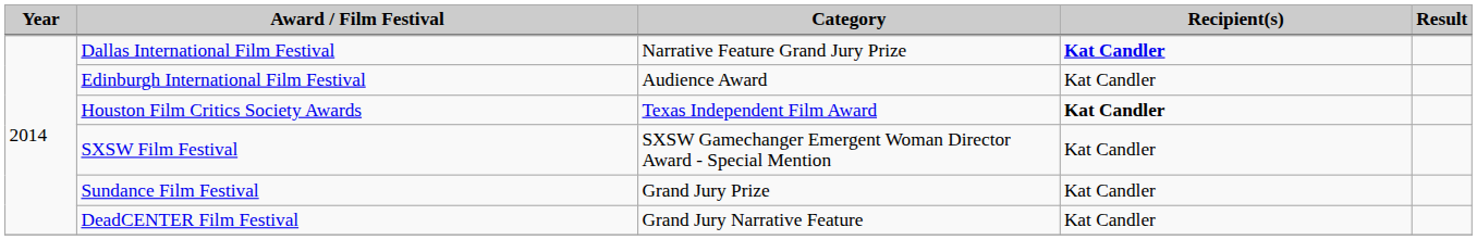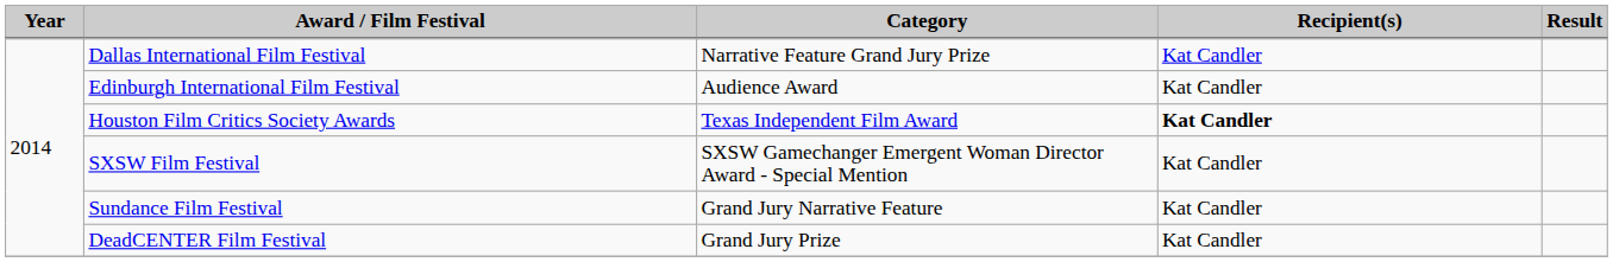 <table class="wikitable">
 <tr style="text-align:center;">
 <th style="background:#ccc;" width="5%">Year</th>
 <th style="background:#ccc;" width="40%">Award / Film Festival</th>
 <th style="background:#ccc;" width="30%">Category</th>
 <th style="background:#ccc;" width="25%">Recipient(s)</th>
 <th style="background:#ccc;" width="15%">Result</th>
 </tr>
 <tr style="border-top:2px solid gray;">
 </tr>
 <tr>
 <td rowspan="6">2014</td>
 <td><a href='#'>Dallas International Film Festival</a></td>
 <td>Narrative Feature Grand Jury Prize</td>
-<td><strong><a href='#'>Kat Candler</a></strong></td>
+<td><a href='#'>Kat Candler</a></td>
 <td></td>
 </tr>
 <tr>
 <td><a href='#'>Edinburgh International Film Festival</a></td>
 <td>Audience Award</td>
 <td>Kat Candler</td>
 <td></td>
 </tr>
 <tr>
 <td><a href='#'>Houston Film Critics Society Awards</a></td>
 <td><a href='#'>Texas Independent Film Award</a></td>
 <td><strong>Kat Candler</strong></td>
 <td></td>
 </tr>
 <tr>
 <td><a href='#'>SXSW Film Festival</a></td>
 <td>SXSW Gamechanger Emergent Woman Director Award - Special Mention</td>
 <td>Kat Candler</td>
 <td></td>
 </tr>
 <tr>
 <td><a href='#'>Sundance Film Festival</a></td>
-<td>Grand Jury Prize</td>
+<td>Grand Jury Narrative Feature</td>
 <td>Kat Candler</td>
 <td></td>
 </tr>
 <tr>
 <td><a href='#'>DeadCENTER Film Festival</a></td>
-<td>Grand Jury Narrative Feature</td>
+<td>Grand Jury Prize</td>
 <td>Kat Candler</td>
 <td></td>
 </tr>
 <tr>
 </tr>
 </table>
